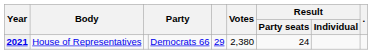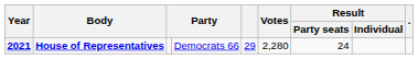 <table class="wikitable plainrowheaders sortable" border=2 cellpadding=4 cellspacing=0 style="border: 1px #aaa solid; font-size: 90%; text-align:center;">
 <tr>
 <th scope="col" rowspan=2>Year</th>
 <th scope="col" rowspan=2>Body</th>
 <th scope="col" colspan=2 rowspan=2>Party</th>
 <th scope="col" rowspan=2></th>
 <th scope="col" rowspan=2>Votes</th>
 <th scope="colgroup" colspan=2>Result</th>
 <th scope="col" rowspan=2 class="unsortable">.</th>
 </tr>
 <tr>
 <th scope="col">Party seats</th>
 <th scope="col">Individual</th>
 </tr>
 <tr>
 <th scope="row"><a href='#'>2021</a></th>
-<td><a href='#'>House of Representatives</a></td>
+<td><strong><a href='#'>House of Representatives</a></strong></td>
 <td style="background-color:"></td>
 <td><a href='#'>Democrats 66</a></td>
 <td style=text-align:right><a href='#'>29</a></td>
-<td style=text-align:right>2,380</td>
+<td style=text-align:right>2,280</td>
 <td style=text-align:right>24</td>
 <td></td>
 <td></td>
 </tr>
 </table>
